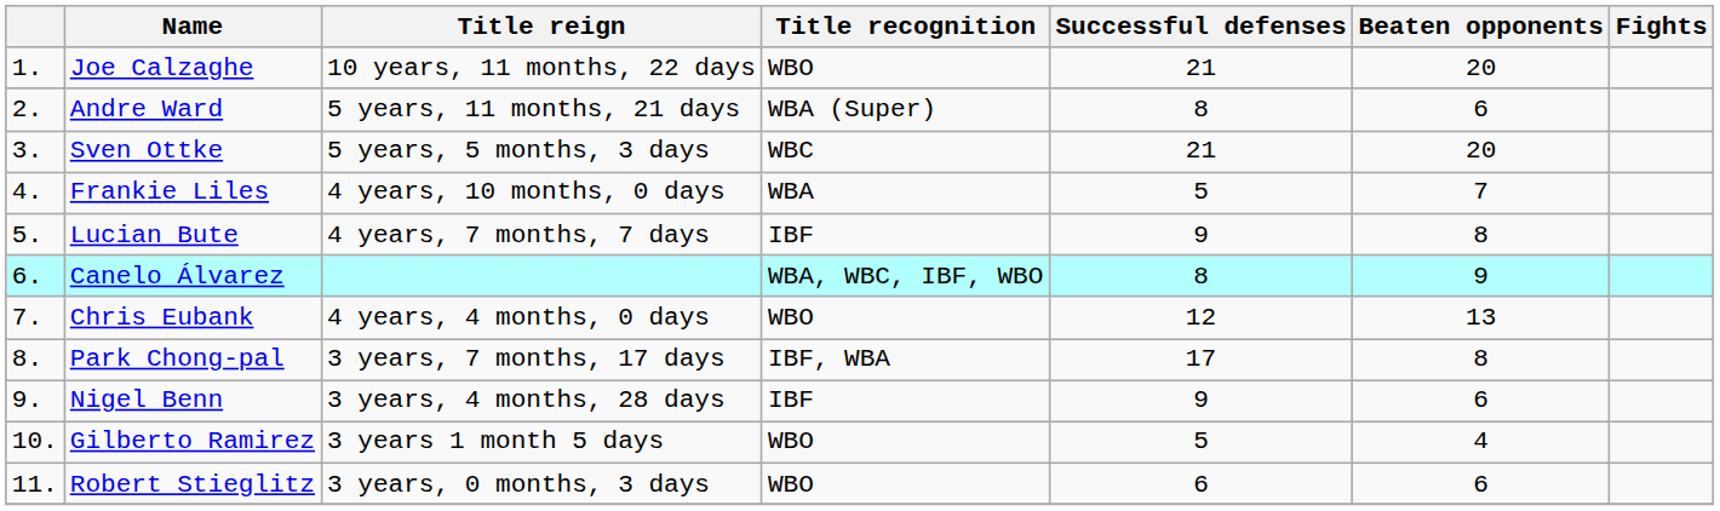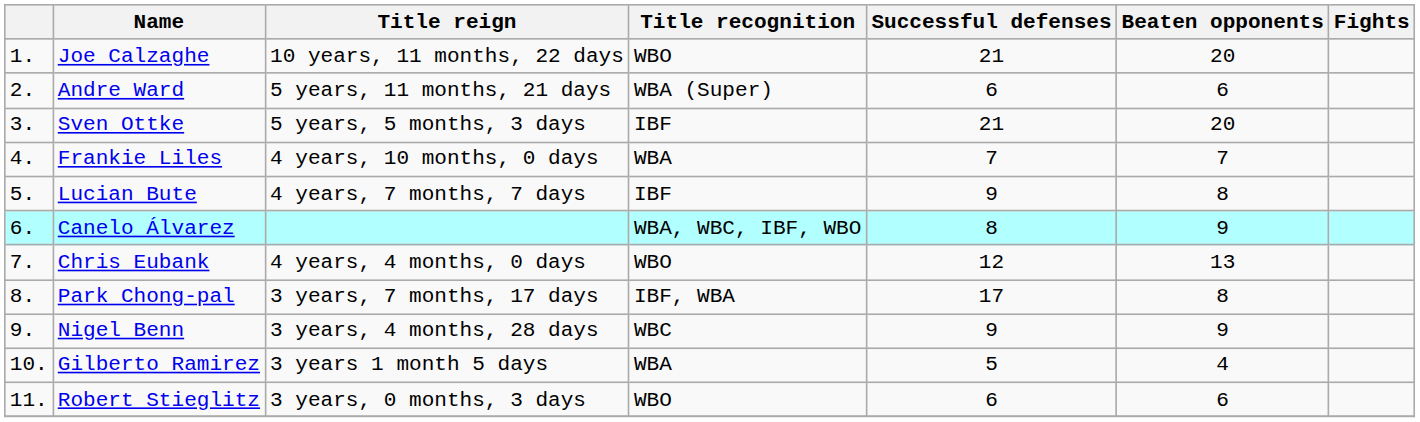 <table class="sortable wikitable">
 <tr>
 <th></th>
 <th>Name</th>
 <th>Title reign</th>
 <th>Title recognition</th>
 <th>Successful defenses</th>
 <th>Beaten opponents</th>
 <th>Fights</th>
 </tr>
 <tr>
 <td>1.</td>
 <td><a href='#'>Joe Calzaghe</a></td>
 <td>10 years, 11 months, 22 days</td>
 <td>WBO</td>
 <td align="center">21</td>
 <td align="center">20</td>
 <td></td>
 </tr>
 <tr>
 <td>2.</td>
 <td><a href='#'>Andre Ward</a></td>
 <td>5 years,  11 months, 21 days</td>
 <td>WBA (Super)</td>
-<td align="center">8</td>
+<td align="center">6</td>
 <td align="center">6</td>
 <td></td>
 </tr>
 <tr>
 <td>3.</td>
 <td><a href='#'>Sven Ottke</a></td>
 <td>5 years, 5 months, 3 days</td>
-<td>WBC</td>
+<td>IBF</td>
 <td align="center">21</td>
 <td align="center">20</td>
 <td></td>
 </tr>
 <tr>
 <td>4.</td>
 <td><a href='#'>Frankie Liles</a></td>
 <td>4 years, 10 months, 0 days</td>
 <td>WBA</td>
-<td align="center">5</td>
+<td align="center">7</td>
 <td align="center">7</td>
 <td></td>
 </tr>
 <tr>
 <td>5.</td>
 <td><a href='#'>Lucian Bute</a></td>
 <td>4 years, 7 months, 7 days</td>
 <td>IBF</td>
 <td align="center">9</td>
 <td align="center">8</td>
 <td></td>
 </tr>
 <tr bgcolor=#B2FFFF>
 <td>6.</td>
 <td><a href='#'>Canelo Álvarez</a></td>
 <td></td>
 <td>WBA, WBC, IBF, WBO</td>
 <td align="center">8</td>
 <td align="center">9</td>
 <td></td>
 </tr>
 <tr>
 <td>7.</td>
 <td><a href='#'>Chris Eubank</a></td>
 <td>4 years, 4 months, 0 days</td>
 <td>WBO</td>
 <td align="center">12</td>
 <td align="center">13</td>
 <td></td>
 </tr>
 <tr>
 <td>8.</td>
 <td><a href='#'>Park Chong-pal</a></td>
 <td>3 years, 7 months, 17 days</td>
 <td>IBF, WBA</td>
 <td align="center">17</td>
 <td align="center">8</td>
 <td></td>
 </tr>
 <tr>
 <td>9.</td>
 <td><a href='#'>Nigel Benn</a></td>
 <td>3 years, 4 months, 28 days</td>
-<td>IBF</td>
+<td>WBC</td>
 <td align="center">9</td>
-<td align="center">6</td>
+<td align="center">9</td>
 <td></td>
 </tr>
 <tr>
 <td>10.</td>
 <td><a href='#'>Gilberto Ramirez</a></td>
 <td>3 years 1 month 5 days</td>
-<td>WBO</td>
+<td>WBA</td>
 <td align="center">5</td>
 <td align="center">4</td>
 <td></td>
 </tr>
 <tr>
 <td>11.</td>
 <td><a href='#'>Robert Stieglitz</a></td>
 <td>3 years, 0 months, 3 days</td>
 <td>WBO</td>
 <td align="center">6</td>
 <td align="center">6</td>
 <td></td>
 </tr>
 <tr>
 </tr>
 </table>
